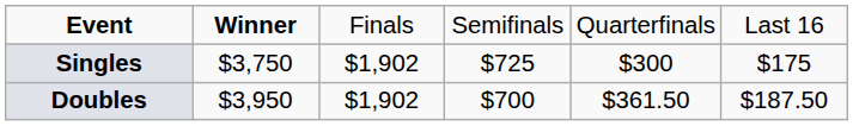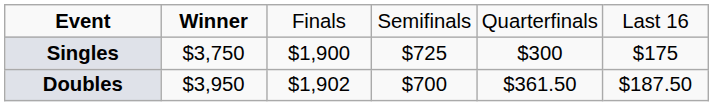 <table class=wikitable style="font-size:90%;text-align:center">
 <tr>
 <td style="width:104px;"><strong>Event</strong></td>
 <td style="width:68px;"><strong>Winner</strong></td>
 <td style="width:68px;">Finals</td>
 <td style="width:68px;">Semifinals</td>
 <td style="width:68px;">Quarterfinals</td>
 <td style="width:68px;">Last 16</td>
 </tr>
 <tr>
 <td style="background:#dfe2e9;"><strong>Singles</strong></td>
 <td>$3,750</td>
-<td>$1,902</td>
+<td>$1,900</td>
 <td>$725</td>
 <td>$300</td>
 <td>$175</td>
 </tr>
 <tr>
 <td style="background:#dfe2e9;"><strong>Doubles</strong></td>
 <td>$3,950</td>
 <td>$1,902</td>
 <td>$700</td>
 <td>$361.50</td>
 <td>$187.50</td>
 </tr>
 </table>
